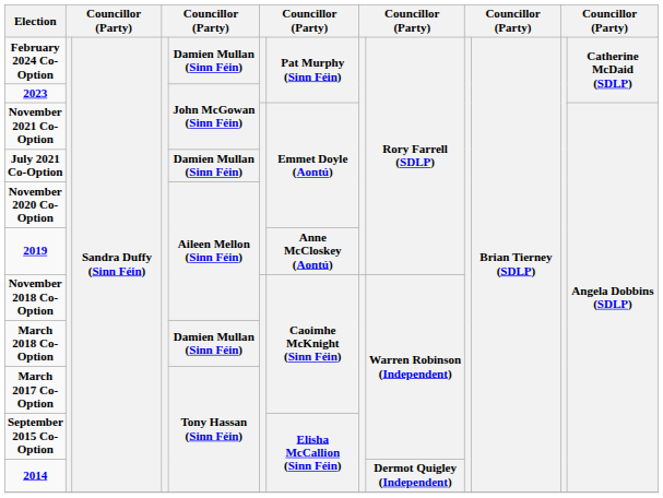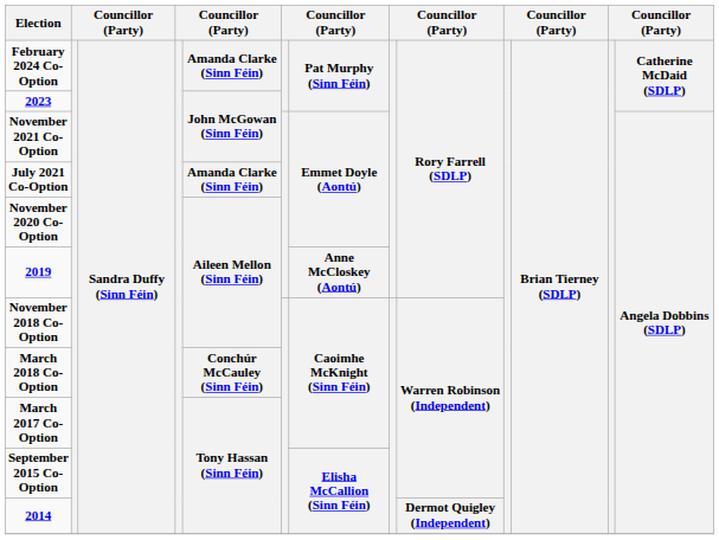 <table class="wikitable" style="text-align:center">
 <tr>
 <th scope="col" width="50">Election</th>
 <th scope="col" width="150" colspan = "2">Councillor<br> (Party)</th>
 <th scope="col" width="150" colspan = "2">Councillor<br> (Party)</th>
 <th scope="col" width="150" colspan = "2">Councillor<br> (Party)</th>
 <th scope="col" width="150" colspan = "2">Councillor<br> (Party)</th>
 <th scope="col" width="150" colspan = "2">Councillor<br> (Party)</th>
 <th scope="col" width="150" colspan = "2">Councillor<br> (Party)</th>
 </tr>
 <tr>
 <td><strong>February 2024 Co-Option</strong></td>
 <th rowspan="11" width="1" style="background-color: "></th>
 <th rowspan = "11">Sandra Duffy <br> (<a href='#'>Sinn Féin</a>)</th>
 <th rowspan="11" width="1" style="background-color: "></th>
-<th rowspan = "1">Damien Mullan <br> (<a href='#'>Sinn Féin</a>)</th>
+<th rowspan = "1">Amanda Clarke <br> (<a href='#'>Sinn Féin</a>)</th>
 <th rowspan="2" width="1" style="background-color: "></th>
 <th rowspan = "2">Pat Murphy <br> (<a href='#'>Sinn Féin</a>)</th>
 <th rowspan="6" width="1" style="background-color: "></th>
 <th rowspan = "6">Rory Farrell <br> (<a href='#'>SDLP</a>)</th>
 <th rowspan="11" width="1" style="background-color: "></th>
 <th rowspan = "11">Brian Tierney <br> (<a href='#'>SDLP</a>)</th>
 <th rowspan="11" width="1" style="background-color: "></th>
 <th rowspan = "2">Catherine McDaid <br> (<a href='#'>SDLP</a>)</th>
 </tr>
 <tr>
 <td><strong><a href='#'>2023</a></strong></td>
 <th rowspan = "2">John McGowan <br> (<a href='#'>Sinn Féin</a>)</th>
 </tr>
 <tr>
 <td><strong>November 2021 Co-Option</strong></td>
 <th rowspan="4" width="1" style="background-color: "></th>
 <th rowspan = "3">Emmet Doyle <br> (<a href='#'>Aontú</a>)</th>
 <th rowspan = "9">Angela Dobbins <br> (<a href='#'>SDLP</a>)</th>
 </tr>
 <tr>
 <td><strong>July 2021 Co-Option</strong></td>
-<th rowspan = "1">Damien Mullan <br> (<a href='#'>Sinn Féin</a>)</th>
+<th rowspan = "1">Amanda Clarke <br> (<a href='#'>Sinn Féin</a>)</th>
 </tr>
 <tr>
 <td><strong>November 2020 Co-Option</strong></td>
 <th rowspan = "3">Aileen Mellon <br> (<a href='#'>Sinn Féin</a>)</th>
 </tr>
 <tr>
 <td><strong><a href='#'>2019</a></strong></td>
 <th rowspan = "1">Anne McCloskey <br> (<a href='#'>Aontú</a>)</th>
 </tr>
 <tr>
 <td><strong>November 2018 Co-Option</strong></td>
 <th rowspan="5" width="1" style="background-color: "></th>
 <th rowspan = "3">Caoimhe McKnight <br> (<a href='#'>Sinn Féin</a>)</th>
 <th rowspan="5" width="1" style="background-color: "></th>
 <th rowspan = "4">Warren Robinson <br> (<a href='#'>Independent</a>)</th>
 </tr>
 <tr>
 <td><strong>March 2018 Co-Option</strong></td>
-<th rowspan = "1">Damien Mullan <br> (<a href='#'>Sinn Féin</a>)</th>
+<th rowspan = "1">Conchúr McCauley <br> (<a href='#'>Sinn Féin</a>)</th>
 </tr>
 <tr>
 <td><strong>March 2017 Co-Option</strong></td>
 <th rowspan = "3">Tony Hassan <br> (<a href='#'>Sinn Féin</a>)</th>
 </tr>
 <tr>
 <td><strong>September 2015 Co-Option</strong></td>
 <th rowspan = "2"><a href='#'>Elisha McCallion</a> <br> (<a href='#'>Sinn Féin</a>)</th>
 </tr>
 <tr>
 <td><strong><a href='#'>2014</a></strong></td>
 <th rowspan = "1">Dermot Quigley <br> (<a href='#'>Independent</a>)</th>
 </tr>
 <tr>
 </tr>
 </table>
